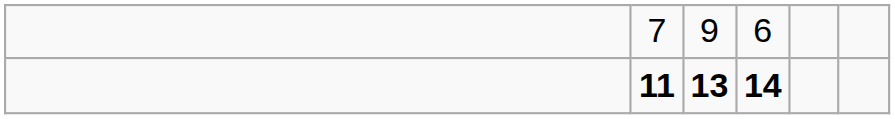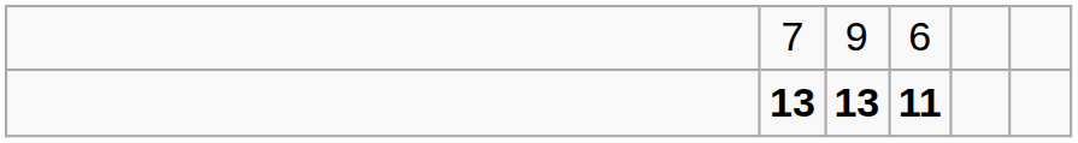 <table class="wikitable">
 <tr>
 <td style="width:18em"></td>
 <td align=center style="width:1em">7</td>
 <td align=center style="width:1em">9</td>
 <td align=center style="width:1em">6</td>
 <td align=center style="width:1em"></td>
 <td align=center style="width:1em"></td>
 </tr>
 <tr>
 <td style="width:18em"></td>
+<td align=center style="width:1em"><strong>13</strong></td>
+<td align=center style="width:1em"><strong>13</strong></td>
 <td align=center style="width:1em"><strong>11</strong></td>
-<td align=center style="width:1em"><strong>13</strong></td>
-<td align=center style="width:1em"><strong>14</strong></td>
 <td align=center style="width:1em"></td>
 <td align=center style="width:1em"></td>
 </tr>
 </table>
